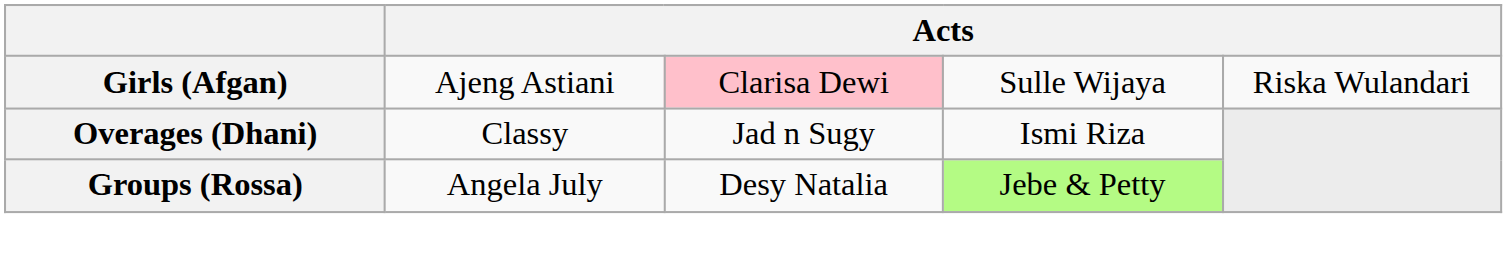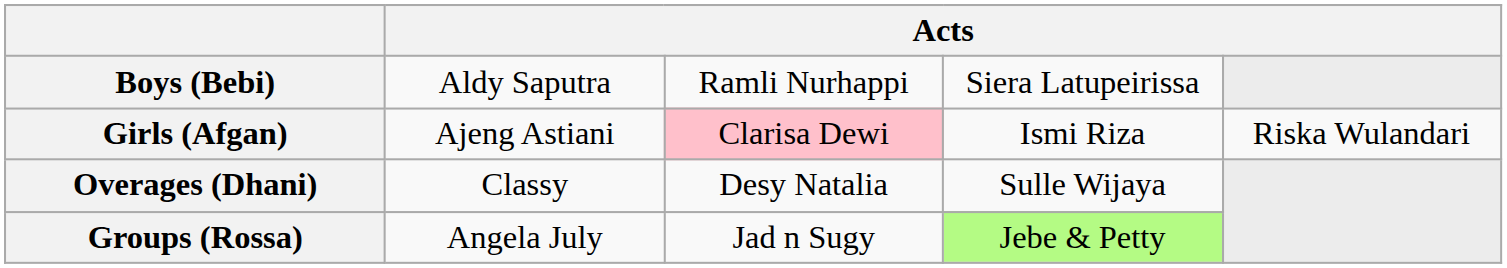 <table class="wikitable" style="text-align:center">
 <tr>
 <th spope="col" style="width:180px;"></th>
 <th scope="col" style="width:375px;" colspan="4">Acts</th>
 </tr>
 <tr>
+<th scope="row" style="width:180px">Boys (Bebi)</th>
+<td style="background:; width:130px">Aldy Saputra</td>
+<td style="background:; width:130px">Ramli Nurhappi</td>
+<td style="background:; width:130px">Siera Latupeirissa</td>
+<td bgcolor="ececec"></td>
+</tr>
+<tr>
 <th scope="row" style="width:180px">Girls (Afgan)</th>
 <td style="background:; width:130px">Ajeng Astiani</td>
 <td style="width:130px; background:pink;">Clarisa Dewi</td>
-<td style="background:; width:130px">Sulle Wijaya</td>
+<td style="background:; width:130px">Ismi Riza</td>
 <td style="background:; width:130px">Riska Wulandari</td>
 </tr>
 <tr>
 <th scope="row" style="width:180px">Overages (Dhani)</th>
 <td style="background:; width:130px;">Classy</td>
-<td style="background:; width:130px;">Jad n Sugy</td>
-<td style="background:; width:130px">Ismi Riza</td>
+<td>Desy Natalia</td>
+<td style="background:; width:130px">Sulle Wijaya</td>
 <td rowspan=2 bgcolor="ececec"></td>
 </tr>
 <tr>
 <th scope="row" style="width:180px">Groups (Rossa)</th>
 <td style="background:; width:130px">Angela July</td>
-<td>Desy Natalia</td>
+<td style="background:; width:130px;">Jad n Sugy</td>
 <td style="width:130px; background:#B4FB84;">Jebe & Petty</td>
 </tr>
 </table>
